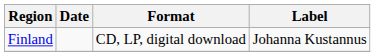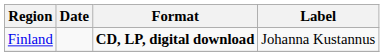 <table class=wikitable>
 <tr>
 <th>Region</th>
 <th>Date</th>
 <th>Format</th>
 <th>Label</th>
 </tr>
 <tr>
 <td><a href='#'>Finland</a></td>
 <td></td>
-<td>CD, LP, digital download</td>
+<td><strong>CD, LP, digital download</strong></td>
 <td>Johanna Kustannus</td>
 </tr>
 <tr>
 </tr>
 </table>
